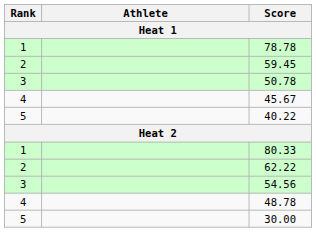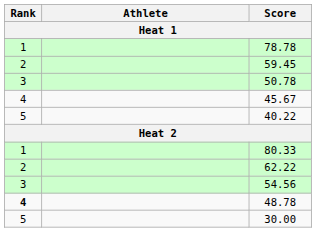 <table class="wikitable" style="text-align:center;">
 <tr>
 <th width=40>Rank</th>
 <th width=250>Athlete</th>
 <th width=70>Score</th>
 </tr>
 <tr>
 <th colspan=3>Heat 1</th>
 </tr>
 <tr bgcolor="ccffcc">
 <td>1</td>
 <td align=left></td>
 <td>78.78</td>
 </tr>
 <tr bgcolor="ccffcc">
 <td>2</td>
 <td align=left></td>
 <td>59.45</td>
 </tr>
 <tr bgcolor="ccffcc">
 <td>3</td>
 <td align=left></td>
 <td>50.78</td>
 </tr>
 <tr>
 <td>4</td>
 <td align=left></td>
 <td>45.67</td>
 </tr>
 <tr>
 <td>5</td>
 <td align=left></td>
 <td>40.22</td>
 </tr>
 <tr>
 <th colspan=3>Heat 2</th>
 </tr>
 <tr bgcolor="ccffcc">
 <td>1</td>
 <td align=left></td>
 <td>80.33</td>
 </tr>
 <tr bgcolor="ccffcc">
 <td>2</td>
 <td align=left></td>
 <td>62.22</td>
 </tr>
 <tr bgcolor="ccffcc">
 <td>3</td>
 <td align=left></td>
 <td>54.56</td>
 </tr>
 <tr>
-<td>4</td>
+<td><strong>4</strong></td>
 <td align=left></td>
 <td>48.78</td>
 </tr>
 <tr>
 <td>5</td>
 <td align=left></td>
 <td>30.00</td>
 </tr>
 </table>
